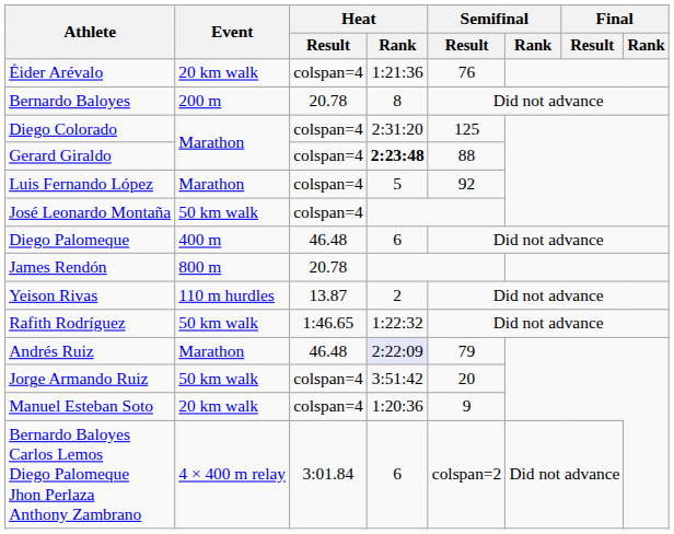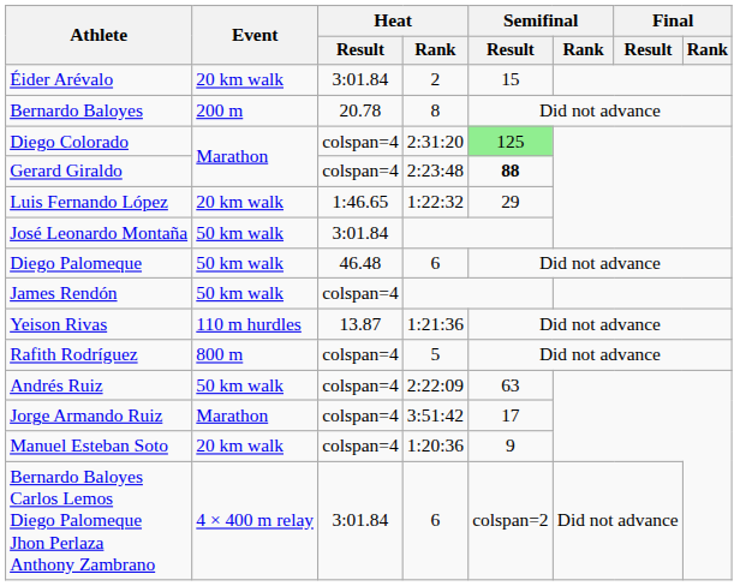 <table class="wikitable" style="font-size:90%">
 <tr>
 <th rowspan="2">Athlete</th>
 <th rowspan="2">Event</th>
 <th colspan="2">Heat</th>
 <th colspan="2">Semifinal</th>
 <th colspan="2">Final</th>
 </tr>
 <tr style="font-size:95%">
 <th>Result</th>
 <th>Rank</th>
 <th>Result</th>
 <th>Rank</th>
 <th>Result</th>
 <th>Rank</th>
 </tr>
 <tr align=center>
 <td align=left><a href='#'>Éider Arévalo</a></td>
 <td align=left><a href='#'>20 km walk</a></td>
-<td>colspan=4 </td>
-<td>1:21:36</td>
-<td>76</td>
+<td>3:01.84</td>
+<td>2</td>
+<td>15</td>
 </tr>
 <tr align=center>
 <td align=left><a href='#'>Bernardo Baloyes</a></td>
 <td align=left><a href='#'>200 m</a></td>
 <td>20.78</td>
 <td>8</td>
 <td colspan=4>Did not advance</td>
 </tr>
 <tr align=center>
 <td align=left><a href='#'>Diego Colorado</a></td>
 <td align=left rowspan=2><a href='#'>Marathon</a></td>
 <td>colspan=4 </td>
 <td>2:31:20</td>
-<td>125</td>
+<td style="background: lightgreen;">125</td>
 </tr>
 <tr align=center>
 <td align=left><a href='#'>Gerard Giraldo</a></td>
 <td>colspan=4 </td>
-<td><strong>2:23:48</strong></td>
-<td>88</td>
+<td>2:23:48</td>
+<td><strong>88</strong></td>
 </tr>
 <tr align=center>
 <td align=left><a href='#'>Luis Fernando López</a></td>
-<td align=left><a href='#'>Marathon</a></td>
-<td>colspan=4 </td>
-<td>5</td>
-<td>92</td>
+<td align=left><a href='#'>20 km walk</a></td>
+<td>1:46.65</td>
+<td>1:22:32</td>
+<td>29</td>
 </tr>
 <tr align=center>
 <td align=left><a href='#'>José Leonardo Montaña</a></td>
 <td align=left><a href='#'>50 km walk</a></td>
-<td>colspan=4 </td>
+<td>3:01.84</td>
 <td colspan=2></td>
 </tr>
 <tr align=center>
 <td align=left><a href='#'>Diego Palomeque</a></td>
-<td align=left><a href='#'>400 m</a></td>
+<td align=left><a href='#'>50 km walk</a></td>
 <td>46.48</td>
 <td>6</td>
 <td colspan=4>Did not advance</td>
 </tr>
 <tr align=center>
 <td align=left><a href='#'>James Rendón</a></td>
-<td align=left><a href='#'>800 m</a></td>
-<td>20.78</td>
+<td align=left><a href='#'>50 km walk</a></td>
+<td>colspan=4 </td>
 <td colspan=2></td>
 </tr>
 <tr align=center>
 <td align=left><a href='#'>Yeison Rivas</a></td>
 <td align=left><a href='#'>110 m hurdles</a></td>
 <td>13.87</td>
-<td>2</td>
+<td>1:21:36</td>
 <td colspan=4>Did not advance</td>
 </tr>
 <tr align=center>
 <td align=left><a href='#'>Rafith Rodríguez</a></td>
-<td align=left><a href='#'>50 km walk</a></td>
-<td>1:46.65</td>
-<td>1:22:32</td>
+<td align=left><a href='#'>800 m</a></td>
+<td>colspan=4 </td>
+<td>5</td>
 <td colspan=4>Did not advance</td>
 </tr>
 <tr align=center>
 <td align=left><a href='#'>Andrés Ruiz</a></td>
-<td align=left><a href='#'>Marathon</a></td>
-<td>46.48</td>
-<td style="background: lavender;">2:22:09</td>
-<td>79</td>
+<td align=left><a href='#'>50 km walk</a></td>
+<td>colspan=4 </td>
+<td>2:22:09</td>
+<td>63</td>
 </tr>
 <tr align=center>
 <td align=left><a href='#'>Jorge Armando Ruiz</a></td>
-<td align=left><a href='#'>50 km walk</a></td>
+<td align=left><a href='#'>Marathon</a></td>
 <td>colspan=4 </td>
 <td>3:51:42</td>
-<td>20</td>
+<td>17</td>
 </tr>
 <tr align=center>
 <td align=left><a href='#'>Manuel Esteban Soto</a></td>
 <td align=left><a href='#'>20 km walk</a></td>
 <td>colspan=4 </td>
 <td>1:20:36</td>
 <td>9</td>
 </tr>
 <tr align=center>
 <td align=left><a href='#'>Bernardo Baloyes</a><br><a href='#'>Carlos Lemos</a><br><a href='#'>Diego Palomeque</a><br><a href='#'>Jhon Perlaza</a><br><a href='#'>Anthony Zambrano</a> </td>
 <td align=left><a href='#'>4 × 400 m relay</a></td>
 <td>3:01.84</td>
 <td>6</td>
 <td>colspan=2 </td>
 <td colspan=2>Did not advance</td>
 </tr>
 </table>
